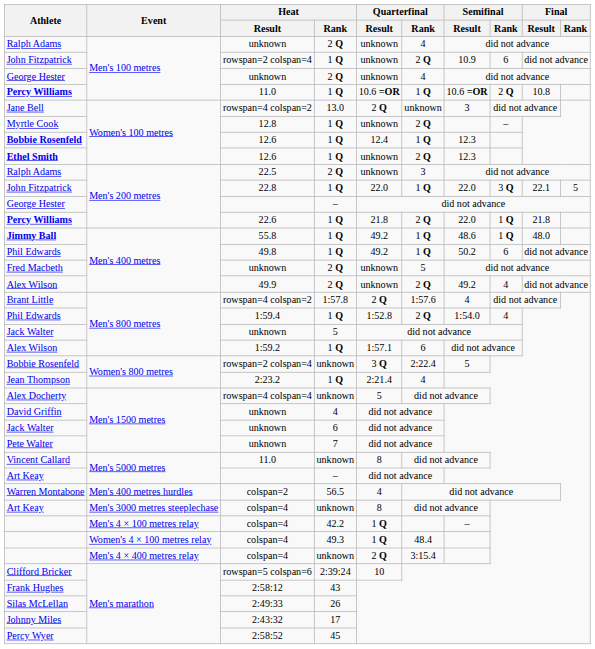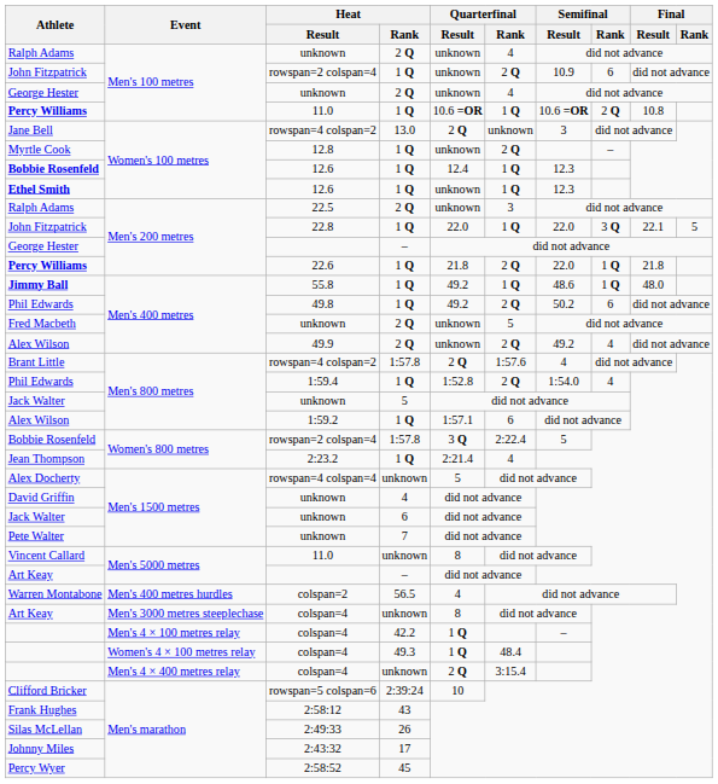 <table class=wikitable style=text-align:center>
 <tr>
 <th rowspan=2>Athlete</th>
 <th rowspan=2>Event</th>
 <th colspan=2>Heat</th>
 <th colspan=2>Quarterfinal</th>
 <th colspan=2>Semifinal</th>
 <th colspan=2>Final</th>
 </tr>
 <tr>
 <th>Result</th>
 <th>Rank</th>
 <th>Result</th>
 <th>Rank</th>
 <th>Result</th>
 <th>Rank</th>
 <th>Result</th>
 <th>Rank</th>
 </tr>
 <tr>
 <td align=left><a href='#'>Ralph Adams</a></td>
 <td rowspan=4 align=left><a href='#'>Men's 100 metres</a></td>
 <td>unknown</td>
 <td>2 <strong>Q</strong></td>
 <td>unknown</td>
 <td>4</td>
 <td colspan=4>did not advance</td>
 </tr>
 <tr>
 <td align=left><a href='#'>John Fitzpatrick</a></td>
 <td>rowspan=2 colspan=4 </td>
 <td>1 <strong>Q</strong></td>
 <td>unknown</td>
 <td>2 <strong>Q</strong></td>
 <td>10.9</td>
 <td>6</td>
 <td colspan=2>did not advance</td>
 </tr>
 <tr>
 <td align=left><a href='#'>George Hester</a></td>
 <td>unknown</td>
 <td>2 <strong>Q</strong></td>
 <td>unknown</td>
 <td>4</td>
 <td colspan=4>did not advance</td>
 </tr>
 <tr>
 <td align=left><strong><a href='#'>Percy Williams</a></strong></td>
 <td>11.0</td>
 <td>1 <strong>Q</strong></td>
 <td>10.6 <strong>=OR</strong></td>
 <td>1 <strong>Q</strong></td>
 <td>10.6 <strong>=OR</strong></td>
 <td>2 <strong>Q</strong></td>
 <td>10.8</td>
 <td></td>
 </tr>
 <tr>
 <td align=left><a href='#'>Jane Bell</a></td>
 <td rowspan=4 align=left><a href='#'>Women's 100 metres</a></td>
 <td>rowspan=4 colspan=2 </td>
 <td>13.0</td>
 <td>2 <strong>Q</strong></td>
 <td>unknown</td>
 <td>3</td>
 <td colspan=2>did not advance</td>
 </tr>
 <tr>
 <td align=left><a href='#'>Myrtle Cook</a></td>
 <td>12.8</td>
 <td>1 <strong>Q</strong></td>
 <td>unknown</td>
 <td>2 <strong>Q</strong></td>
 <td></td>
 <td>–</td>
 </tr>
 <tr>
 <td align=left><strong><a href='#'>Bobbie Rosenfeld</a></strong></td>
 <td>12.6</td>
 <td>1 <strong>Q</strong></td>
 <td>12.4 </td>
 <td>1 <strong>Q</strong></td>
 <td>12.3</td>
 <td></td>
 </tr>
 <tr>
 <td align=left><strong><a href='#'>Ethel Smith</a></strong></td>
 <td>12.6</td>
 <td>1 <strong>Q</strong></td>
 <td>unknown</td>
-<td>2 <strong>Q</strong></td>
+<td>1 <strong>Q</strong></td>
 <td>12.3</td>
 <td></td>
 </tr>
 <tr>
 <td align=left><a href='#'>Ralph Adams</a></td>
 <td rowspan=4 align=left><a href='#'>Men's 200 metres</a></td>
 <td>22.5</td>
 <td>2 <strong>Q</strong></td>
 <td>unknown</td>
 <td>3</td>
 <td colspan=4>did not advance</td>
 </tr>
 <tr>
 <td align=left><a href='#'>John Fitzpatrick</a></td>
 <td>22.8</td>
 <td>1 <strong>Q</strong></td>
 <td>22.0</td>
 <td>1 <strong>Q</strong></td>
 <td>22.0</td>
 <td>3 <strong>Q</strong></td>
 <td>22.1</td>
 <td>5</td>
 </tr>
 <tr>
 <td align=left><a href='#'>George Hester</a></td>
 <td></td>
 <td>–</td>
 <td colspan=6>did not advance</td>
 </tr>
 <tr>
 <td align=left><strong><a href='#'>Percy Williams</a></strong></td>
 <td>22.6</td>
 <td>1 <strong>Q</strong></td>
 <td>21.8</td>
 <td>2 <strong>Q</strong></td>
 <td>22.0</td>
 <td>1 <strong>Q</strong></td>
 <td>21.8</td>
 <td></td>
 </tr>
 <tr>
 <td align=left><strong><a href='#'>Jimmy Ball</a></strong></td>
 <td rowspan=4 align=left><a href='#'>Men's 400 metres</a></td>
 <td>55.8</td>
 <td>1 <strong>Q</strong></td>
 <td>49.2</td>
 <td>1 <strong>Q</strong></td>
 <td>48.6</td>
 <td>1 <strong>Q</strong></td>
 <td>48.0</td>
 <td></td>
 </tr>
 <tr>
 <td align=left><a href='#'>Phil Edwards</a></td>
 <td>49.8</td>
 <td>1 <strong>Q</strong></td>
 <td>49.2</td>
-<td>1 <strong>Q</strong></td>
+<td>2 <strong>Q</strong></td>
 <td>50.2</td>
 <td>6</td>
 <td colspan=2>did not advance</td>
 </tr>
 <tr>
 <td align=left><a href='#'>Fred Macbeth</a></td>
 <td>unknown</td>
 <td>2 <strong>Q</strong></td>
 <td>unknown</td>
 <td>5</td>
 <td colspan=4>did not advance</td>
 </tr>
 <tr>
 <td align=left><a href='#'>Alex Wilson</a></td>
 <td>49.9</td>
 <td>2 <strong>Q</strong></td>
 <td>unknown</td>
 <td>2 <strong>Q</strong></td>
 <td>49.2</td>
 <td>4</td>
 <td colspan=2>did not advance</td>
 </tr>
 <tr>
 <td align=left><a href='#'>Brant Little</a></td>
 <td rowspan=4 align=left><a href='#'>Men's 800 metres</a></td>
 <td>rowspan=4 colspan=2 </td>
 <td>1:57.8</td>
 <td>2 <strong>Q</strong></td>
 <td>1:57.6</td>
 <td>4</td>
 <td colspan=2>did not advance</td>
 </tr>
 <tr>
 <td align=left><a href='#'>Phil Edwards</a></td>
 <td>1:59.4</td>
 <td>1 <strong>Q</strong></td>
 <td>1:52.8</td>
 <td>2 <strong>Q</strong></td>
 <td>1:54.0</td>
 <td>4</td>
 </tr>
 <tr>
 <td align=left><a href='#'>Jack Walter</a></td>
 <td>unknown</td>
 <td>5</td>
 <td colspan=4>did not advance</td>
 </tr>
 <tr>
 <td align=left><a href='#'>Alex Wilson</a></td>
 <td>1:59.2</td>
 <td>1 <strong>Q</strong></td>
 <td>1:57.1</td>
 <td>6</td>
 <td colspan=2>did not advance</td>
 </tr>
 <tr>
 <td align=left><a href='#'>Bobbie Rosenfeld</a></td>
 <td rowspan=2 align=left><a href='#'>Women's 800 metres</a></td>
 <td>rowspan=2 colspan=4 </td>
-<td>unknown</td>
+<td>1:57.8</td>
 <td>3 <strong>Q</strong></td>
 <td>2:22.4</td>
 <td>5</td>
 </tr>
 <tr>
 <td align=left><a href='#'>Jean Thompson</a></td>
 <td>2:23.2</td>
 <td>1 <strong>Q</strong></td>
 <td>2:21.4</td>
 <td>4</td>
 </tr>
 <tr>
 <td align=left><a href='#'>Alex Docherty</a></td>
 <td rowspan=4 align=left><a href='#'>Men's 1500 metres</a></td>
 <td>rowspan=4 colspan=4 </td>
 <td>unknown</td>
 <td>5</td>
 <td colspan=2>did not advance</td>
 </tr>
 <tr>
 <td align=left><a href='#'>David Griffin</a></td>
 <td>unknown</td>
 <td>4</td>
 <td colspan=2>did not advance</td>
 </tr>
 <tr>
 <td align=left><a href='#'>Jack Walter</a></td>
 <td>unknown</td>
 <td>6</td>
 <td colspan=2>did not advance</td>
 </tr>
 <tr>
 <td align=left><a href='#'>Pete Walter</a></td>
 <td>unknown</td>
 <td>7</td>
 <td colspan=2>did not advance</td>
 </tr>
 <tr>
 <td align=left><a href='#'>Vincent Callard</a></td>
 <td rowspan=2 align=left><a href='#'>Men's 5000 metres</a></td>
 <td>11.0</td>
 <td>unknown</td>
 <td>8</td>
 <td colspan=2>did not advance</td>
 </tr>
 <tr>
 <td align=left><a href='#'>Art Keay</a></td>
 <td></td>
 <td>–</td>
 <td colspan=2>did not advance</td>
 </tr>
 <tr>
 <td align=left><a href='#'>Warren Montabone</a></td>
 <td align=left><a href='#'>Men's 400 metres hurdles</a></td>
 <td>colspan=2 </td>
 <td>56.5</td>
 <td>4</td>
 <td colspan=4>did not advance</td>
 </tr>
 <tr>
 <td align=left><a href='#'>Art Keay</a></td>
 <td align=left><a href='#'>Men's 3000 metres steeplechase</a></td>
 <td>colspan=4 </td>
 <td>unknown</td>
 <td>8</td>
 <td colspan=2>did not advance</td>
 </tr>
 <tr>
 <td align=left></td>
 <td align=left><a href='#'>Men's 4 × 100 metres relay</a></td>
 <td>colspan=4 </td>
 <td>42.2</td>
 <td>1 <strong>Q</strong></td>
 <td></td>
 <td>–</td>
 </tr>
 <tr>
 <td align=left><strong></strong></td>
 <td align=left><a href='#'>Women's 4 × 100 metres relay</a></td>
 <td>colspan=4 </td>
 <td>49.3 </td>
 <td>1 <strong>Q</strong></td>
 <td>48.4 </td>
 <td></td>
 </tr>
 <tr>
 <td align=left><strong></strong></td>
 <td align=left><a href='#'>Men's 4 × 400 metres relay</a></td>
 <td>colspan=4 </td>
 <td>unknown</td>
 <td>2 <strong>Q</strong></td>
 <td>3:15.4</td>
 <td></td>
 </tr>
 <tr>
 <td align=left><a href='#'>Clifford Bricker</a></td>
 <td rowspan=5 align=left><a href='#'>Men's marathon</a></td>
 <td>rowspan=5 colspan=6 </td>
 <td>2:39:24</td>
 <td>10</td>
 </tr>
 <tr>
 <td align=left><a href='#'>Frank Hughes</a></td>
 <td>2:58:12</td>
 <td>43</td>
 </tr>
 <tr>
 <td align=left><a href='#'>Silas McLellan</a></td>
 <td>2:49:33</td>
 <td>26</td>
 </tr>
 <tr>
 <td align=left><a href='#'>Johnny Miles</a></td>
 <td>2:43:32</td>
 <td>17</td>
 </tr>
 <tr>
 <td align=left><a href='#'>Percy Wyer</a></td>
 <td>2:58:52</td>
 <td>45</td>
 </tr>
 </table>
